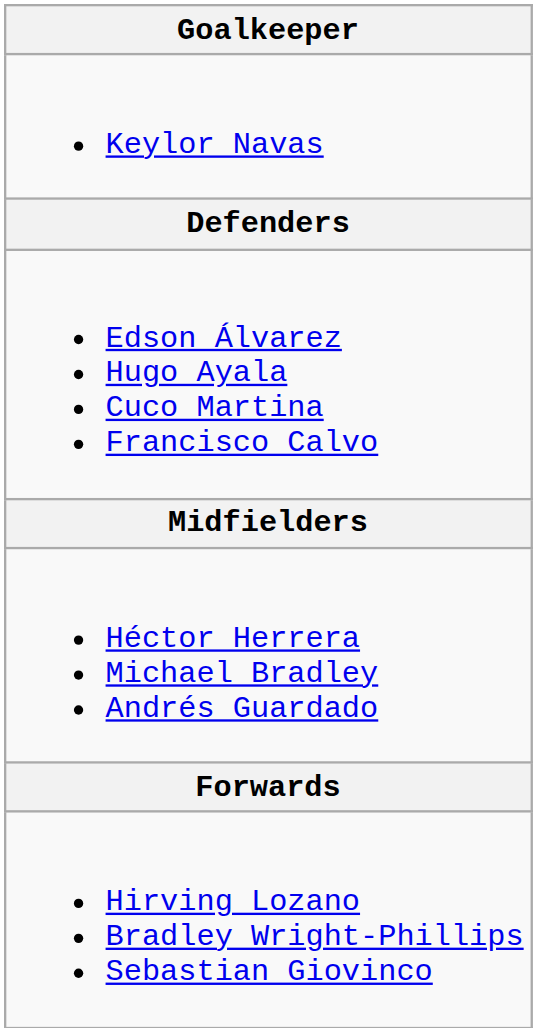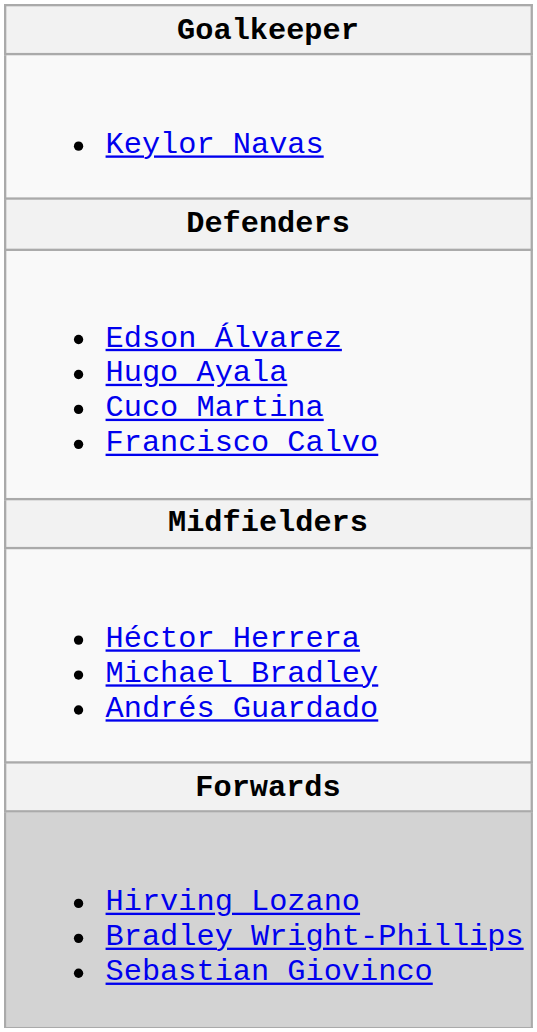 <table class="wikitable">
 <tr>
 <th>Goalkeeper</th>
 </tr>
 <tr>
 <td><br><ul><li> <a href='#'>Keylor Navas</a></li></ul></td>
 </tr>
 <tr>
 <th>Defenders</th>
 </tr>
 <tr>
 <td><br><ul><li> <a href='#'>Edson Álvarez</a></li><li> <a href='#'>Hugo Ayala</a></li><li> <a href='#'>Cuco Martina</a></li><li> <a href='#'>Francisco Calvo</a></li></ul></td>
 </tr>
 <tr>
 <th>Midfielders</th>
 </tr>
 <tr>
 <td><br><ul><li> <a href='#'>Héctor Herrera</a></li><li> <a href='#'>Michael Bradley</a></li><li> <a href='#'>Andrés Guardado</a></li></ul></td>
 </tr>
 <tr>
 <th>Forwards</th>
 </tr>
 <tr>
-<td><br><ul><li> <a href='#'>Hirving Lozano</a></li><li> <a href='#'>Bradley Wright-Phillips</a></li><li> <a href='#'>Sebastian Giovinco</a></li></ul></td>
+<td style="background: lightgrey;"><br><ul><li> <a href='#'>Hirving Lozano</a></li><li> <a href='#'>Bradley Wright-Phillips</a></li><li> <a href='#'>Sebastian Giovinco</a></li></ul></td>
 </tr>
 </table>
